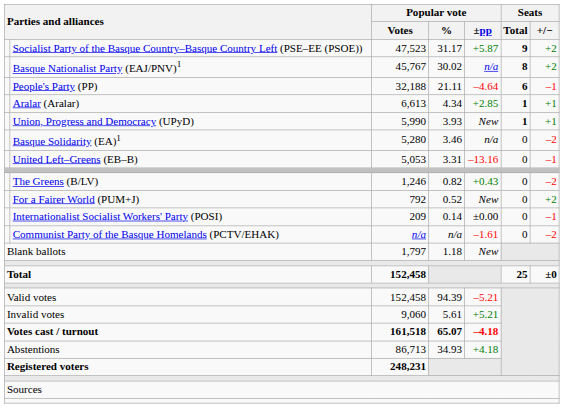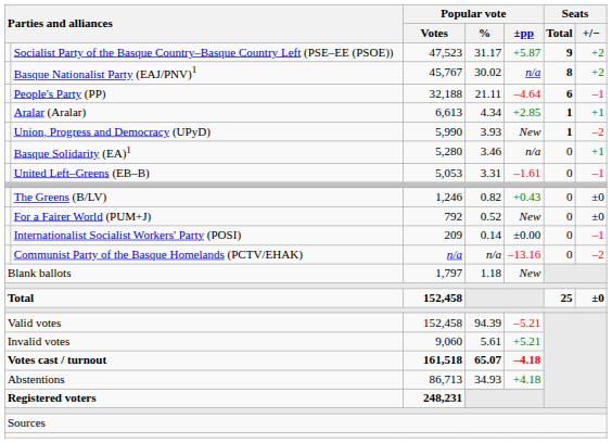 <table class="wikitable" style="text-align:right;">
 <tr>
 <th style="text-align:left;" rowspan="2" colspan="2" width="525">Parties and alliances</th>
 <th colspan="3">Popular vote</th>
 <th colspan="2">Seats</th>
 </tr>
 <tr>
 <th width="75">Votes</th>
 <th width="45">%</th>
 <th width="45">±<a href='#'>pp</a></th>
 <th width="35">Total</th>
 <th width="35">+/−</th>
 </tr>
 <tr>
 <td width="1" style="color:inherit;background:"></td>
 <td align="left"><a href='#'>Socialist Party of the Basque Country–Basque Country Left</a> (PSE–EE (PSOE))</td>
 <td>47,523</td>
 <td>31.17</td>
 <td style="color:green;">+5.87</td>
 <td><strong>9</strong></td>
 <td style="color:green;">+2</td>
 </tr>
 <tr>
 <td style="color:inherit;background:"></td>
 <td align="left"><a href='#'>Basque Nationalist Party</a> (EAJ/PNV)<sup>1</sup></td>
 <td>45,767</td>
 <td>30.02</td>
 <td><em><a href='#'>n/a</a></em></td>
 <td><strong>8</strong></td>
 <td style="color:green;">+2</td>
 </tr>
 <tr>
 <td style="color:inherit;background:"></td>
 <td align="left"><a href='#'>People's Party</a> (PP)</td>
 <td>32,188</td>
 <td>21.11</td>
 <td style="color:red;">–4.64</td>
 <td><strong>6</strong></td>
 <td style="color:red;">–1</td>
 </tr>
 <tr>
 <td style="color:inherit;background:"></td>
 <td align="left"><a href='#'>Aralar</a> (Aralar)</td>
 <td>6,613</td>
 <td>4.34</td>
 <td style="color:green;">+2.85</td>
 <td><strong>1</strong></td>
 <td style="color:green;">+1</td>
 </tr>
 <tr>
 <td style="color:inherit;background:"></td>
 <td align="left"><a href='#'>Union, Progress and Democracy</a> (UPyD)</td>
 <td>5,990</td>
 <td>3.93</td>
 <td><em>New</em></td>
 <td><strong>1</strong></td>
-<td style="color:green;">+1</td>
+<td style="color:red;">–2</td>
 </tr>
 <tr>
 <td style="color:inherit;background:"></td>
 <td align="left"><a href='#'>Basque Solidarity</a> (EA)<sup>1</sup></td>
 <td>5,280</td>
 <td>3.46</td>
 <td><em>n/a</em></td>
 <td>0</td>
-<td style="color:red;">–2</td>
+<td style="color:green;">+1</td>
 </tr>
 <tr>
 <td style="color:inherit;background:"></td>
 <td align="left"><a href='#'>United Left–Greens</a> (EB–B)</td>
 <td>5,053</td>
 <td>3.31</td>
-<td style="color:red;">–13.16</td>
+<td style="color:red;">–1.61</td>
 <td>0</td>
 <td style="color:red;">–1</td>
 </tr>
 <tr>
 <td colspan="7" bgcolor="#C0C0C0"></td>
 </tr>
 <tr>
 <td style="color:inherit;background:"></td>
 <td align="left"><a href='#'>The Greens</a> (B/LV)</td>
 <td>1,246</td>
 <td>0.82</td>
 <td style="color:green;">+0.43</td>
 <td>0</td>
-<td style="color:red;">–2</td>
+<td>±0</td>
 </tr>
 <tr>
 <td style="color:inherit;background:"></td>
 <td align="left"><a href='#'>For a Fairer World</a> (PUM+J)</td>
 <td>792</td>
 <td>0.52</td>
 <td><em>New</em></td>
 <td>0</td>
-<td style="color:green;">+2</td>
+<td>±0</td>
 </tr>
 <tr>
 <td style="color:inherit;background:"></td>
 <td align="left"><a href='#'>Internationalist Socialist Workers' Party</a> (POSI)</td>
 <td>209</td>
 <td>0.14</td>
 <td>±0.00</td>
 <td>0</td>
 <td style="color:red;">–1</td>
 </tr>
 <tr>
 <td style="color:inherit;background:"></td>
 <td align="left"><a href='#'>Communist Party of the Basque Homelands</a> (PCTV/EHAK)</td>
 <td><em><a href='#'>n/a</a></em></td>
 <td><em>n/a</em></td>
-<td style="color:red;">–1.61</td>
+<td style="color:red;">–13.16</td>
 <td>0</td>
 <td style="color:red;">–2</td>
 </tr>
 <tr>
 <td align="left" colspan="2">Blank ballots</td>
 <td>1,797</td>
 <td>1.18</td>
 <td><em>New</em></td>
 <td bgcolor="#E9E9E9" colspan="2"></td>
 </tr>
 <tr>
 <td colspan="7" bgcolor="#E9E9E9"></td>
 </tr>
 <tr style="font-weight:bold;">
 <td align="left" colspan="2">Total</td>
 <td>152,458</td>
 <td bgcolor="#E9E9E9" colspan="2"></td>
 <td>25</td>
 <td>±0</td>
 </tr>
 <tr>
 <td colspan="7" bgcolor="#E9E9E9"></td>
 </tr>
 <tr>
 <td align="left" colspan="2">Valid votes</td>
 <td>152,458</td>
 <td>94.39</td>
 <td style="color:red;">–5.21</td>
 <td bgcolor="#E9E9E9" colspan="2" rowspan="5"></td>
 </tr>
 <tr>
 <td align="left" colspan="2">Invalid votes</td>
 <td>9,060</td>
 <td>5.61</td>
 <td style="color:green;">+5.21</td>
 </tr>
 <tr style="font-weight:bold;">
 <td align="left" colspan="2">Votes cast / turnout</td>
 <td>161,518</td>
 <td>65.07</td>
 <td style="color:red;">–4.18</td>
 </tr>
 <tr>
 <td align="left" colspan="2">Abstentions</td>
 <td>86,713</td>
 <td>34.93</td>
 <td style="color:green;">+4.18</td>
 </tr>
 <tr style="font-weight:bold;">
 <td align="left" colspan="2">Registered voters</td>
 <td>248,231</td>
 <td bgcolor="#E9E9E9" colspan="2"></td>
 </tr>
 <tr>
 <td colspan="7" bgcolor="#E9E9E9"></td>
 </tr>
 <tr>
 <td align="left" colspan="7">Sources</td>
 </tr>
 <tr>
 <td colspan="7" style="text-align:left; max-width:790px;"></td>
 </tr>
 </table>
